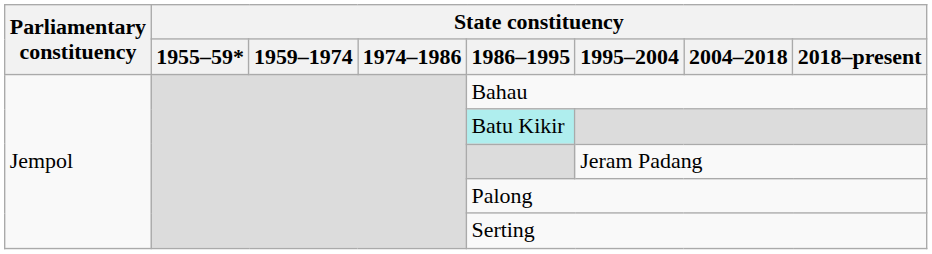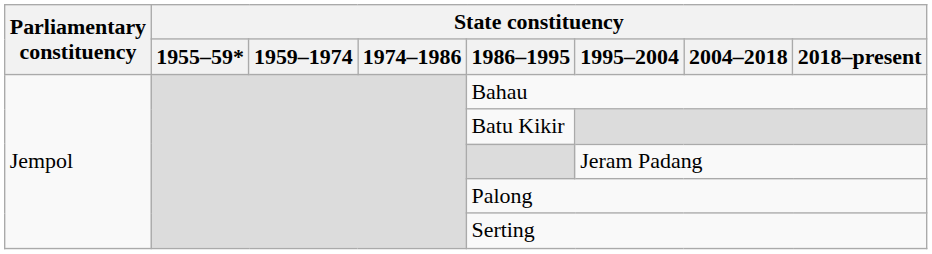 <table class="wikitable">
 <tr>
 <th rowspan="2">Parliamentary<br>constituency</th>
 <th colspan="7">State constituency</th>
 </tr>
 <tr>
 <th>1955–59*</th>
 <th>1959–1974</th>
 <th>1974–1986</th>
 <th>1986–1995</th>
 <th>1995–2004</th>
 <th>2004–2018</th>
 <th>2018–present</th>
 </tr>
 <tr>
 <td rowspan="5">Jempol</td>
 <td colspan="3" rowspan="5" bgcolor="dcdcdc"></td>
 <td colspan="4">Bahau</td>
 </tr>
 <tr>
-<td style="background: paleturquoise;">Batu Kikir</td>
+<td>Batu Kikir</td>
 <td colspan="3" bgcolor="dcdcdc"></td>
 </tr>
 <tr>
 <td bgcolor="dcdcdc"></td>
 <td colspan="3">Jeram Padang</td>
 </tr>
 <tr>
 <td colspan="4">Palong</td>
 </tr>
 <tr>
 <td colspan="4">Serting</td>
 </tr>
 </table>
